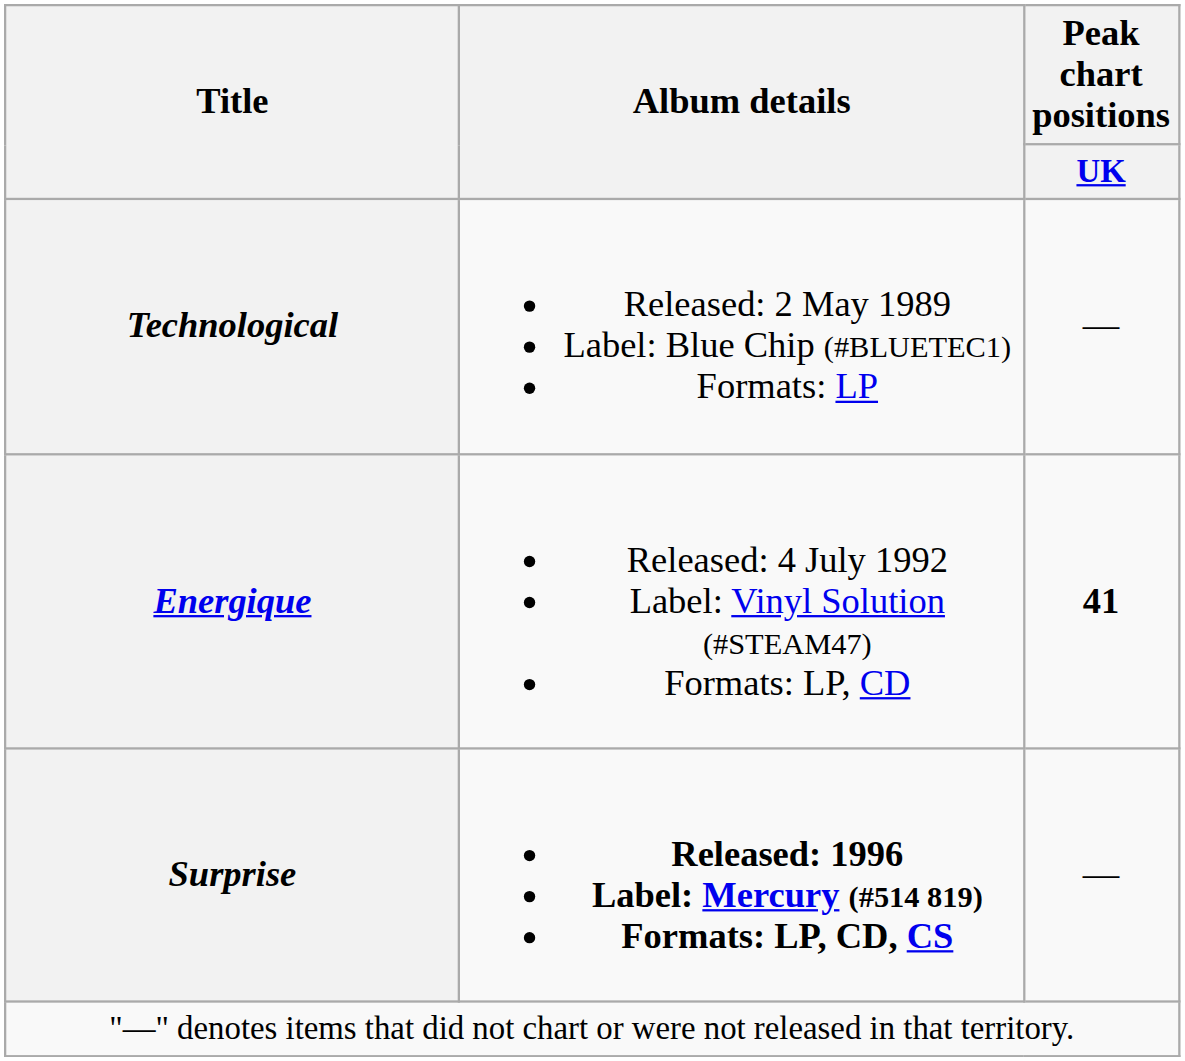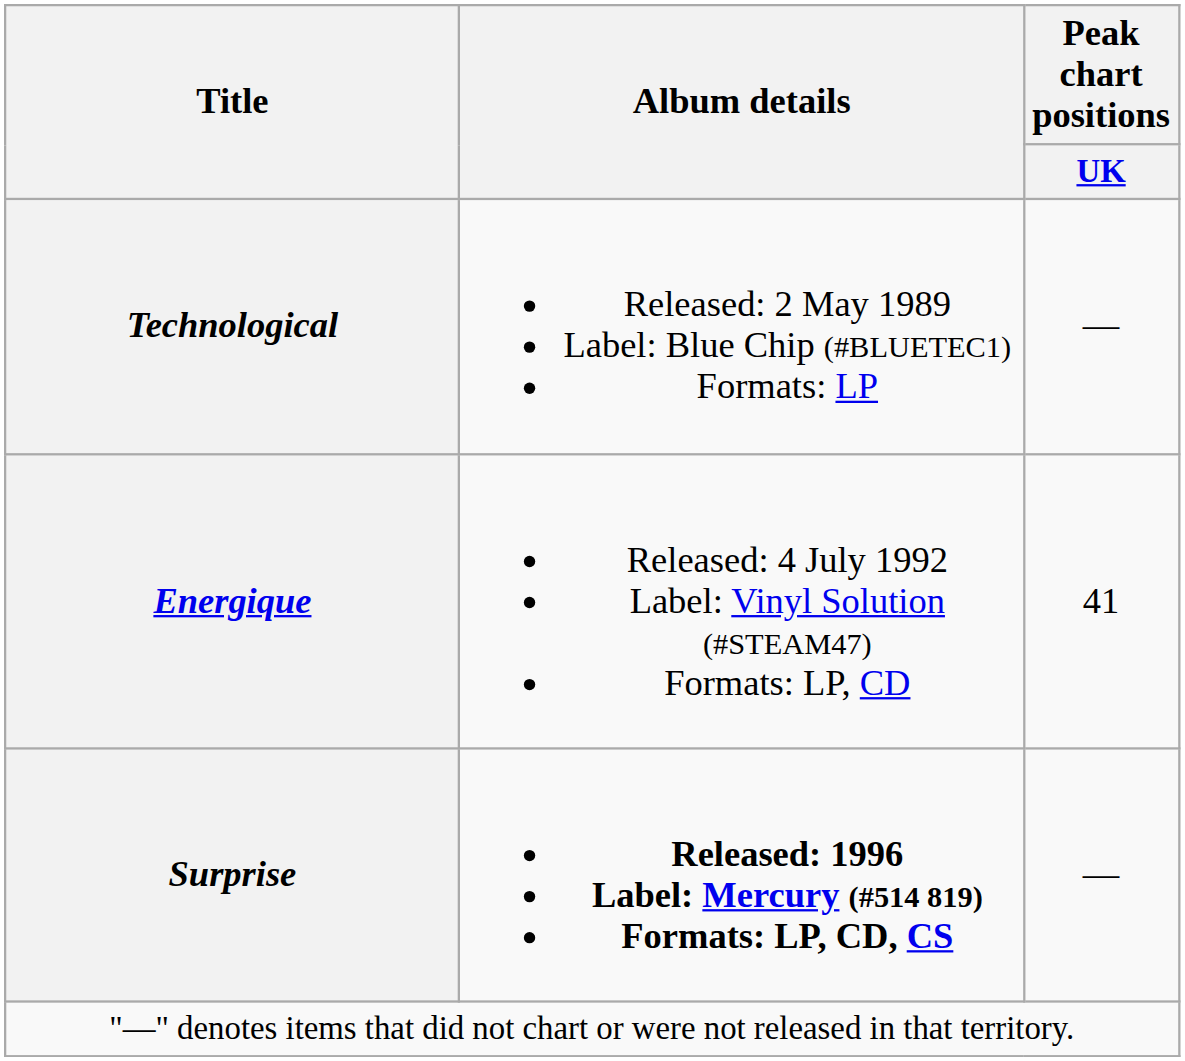 <table class="wikitable plainrowheaders" style="text-align:center;">
 <tr>
 <th scope="col" rowspan="2" style="width:12em;">Title</th>
 <th scope="col" rowspan="2" style="width:15em;">Album details</th>
 <th scope="col" colspan="1">Peak chart positions</th>
 </tr>
 <tr>
 <th style="width:2em;font-size:90%;"><a href='#'>UK</a><br></th>
 </tr>
 <tr>
 <th scope="row"><em>Technological</em></th>
 <td><br><ul><li>Released: 2 May 1989</li><li>Label: Blue Chip <small>(#BLUETEC1)</small></li><li>Formats: <a href='#'>LP</a></li></ul></td>
 <td>—</td>
 </tr>
 <tr>
 <th scope="row"><em><a href='#'>Energique</a></em></th>
 <td><br><ul><li>Released: 4 July 1992</li><li>Label: <a href='#'>Vinyl Solution</a> <small>(#STEAM47)</small></li><li>Formats: LP, <a href='#'>CD</a></li></ul></td>
-<td><strong>41</strong></td>
+<td>41</td>
 </tr>
 <tr>
 <th scope="row"><em>Surprise</em></th>
 <td><strong><br><ul><li>Released: 1996</li><li>Label: <a href='#'>Mercury</a> <small>(#514 819)</small></li><li>Formats: LP, CD, <a href='#'>CS</a></li></ul></strong></td>
 <td>—</td>
 </tr>
 <tr>
 <td align="center" colspan="15" style="font-size:90%">"—" denotes items that did not chart or were not released in that territory.</td>
 </tr>
 </table>
